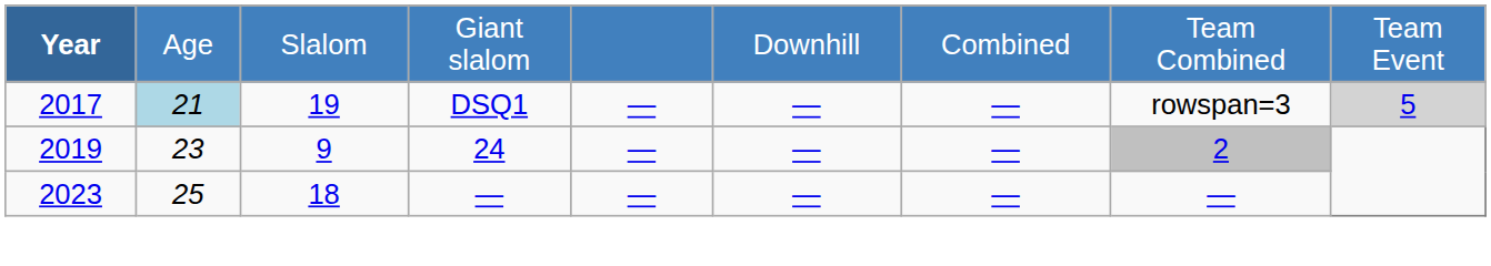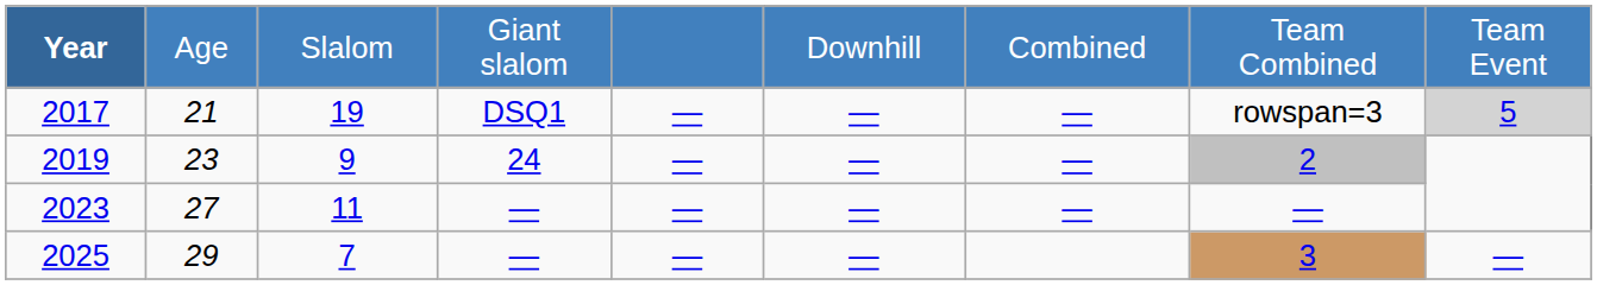 <table class="wikitable" style="font-size:95%; text-align:center; border:grey solid 1px; border-collapse:collapse;" width="40%">
 <tr style="background-color:#369; color:white;">
 <td rowspan="2" colspan="1" width="4%"><strong>Year</strong></td>
 </tr>
 <tr style="background-color:#4180be; color:white;">
 <td width="3%">Age</td>
 <td width="5%">Slalom</td>
 <td width="5%">Giant<br>slalom</td>
 <td width="5%"></td>
 <td width="5%">Downhill</td>
 <td width="5%">Combined</td>
 <td width="5%">Team<br>Combined</td>
 <td width="5%">Team Event</td>
 </tr>
 <tr style="background-color:#8CB2D8; color:white;">
 </tr>
 <tr>
 <td><a href='#'>2017</a></td>
-<td style="background: lightblue;"><em>21</em></td>
+<td><em>21</em></td>
 <td><a href='#'>19</a></td>
 <td><a href='#'>DSQ1</a></td>
 <td><a href='#'>—</a></td>
 <td><a href='#'>—</a></td>
 <td><a href='#'>—</a></td>
 <td>rowspan=3</td>
 <td style="background: lightgrey;"><a href='#'>5</a></td>
 </tr>
 <tr>
 <td><a href='#'>2019</a></td>
 <td><em>23</em></td>
 <td><a href='#'>9</a></td>
 <td><a href='#'>24</a></td>
 <td><a href='#'>—</a></td>
 <td><a href='#'>—</a></td>
 <td><a href='#'>—</a></td>
 <td style="background:silver;"><a href='#'>2</a></td>
 </tr>
 <tr>
 <td><a href='#'>2023</a></td>
-<td><em>25</em></td>
-<td><a href='#'>18</a></td>
+<td><em>27</em></td>
+<td><a href='#'>11</a></td>
 <td><a href='#'>—</a></td>
 <td><a href='#'>—</a></td>
 <td><a href='#'>—</a></td>
 <td><a href='#'>—</a></td>
 <td><a href='#'>—</a></td>
 </tr>
+<tr>
+<td><a href='#'>2025</a></td>
+<td><em>29</em></td>
+<td><a href='#'>7</a></td>
+<td><a href='#'>—</a></td>
+<td><a href='#'>—</a></td>
+<td><a href='#'>—</a></td>
+<td></td>
+<td style="background:#c96;"><a href='#'>3</a></td>
+<td><a href='#'>—</a></td>
+</tr>
 </table>
